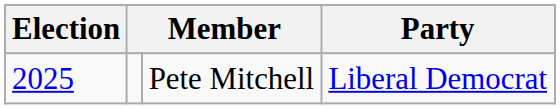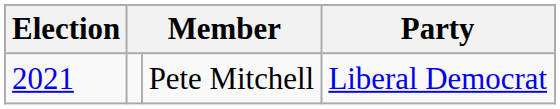 <table class="wikitable">
 <tr>
 <th>Election</th>
 <th colspan="2">Member</th>
 <th>Party</th>
 </tr>
 <tr>
-<td><a href='#'>2025</a></td>
+<td><a href='#'>2021</a></td>
 <td rowspan="1" style="background-color: "></td>
 <td rowspan="1">Pete Mitchell</td>
 <td rowspan="1"><a href='#'>Liberal Democrat</a></td>
 </tr>
 </table>
